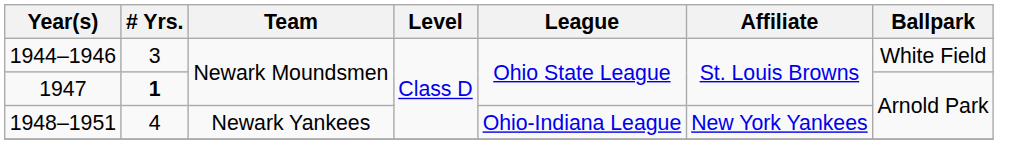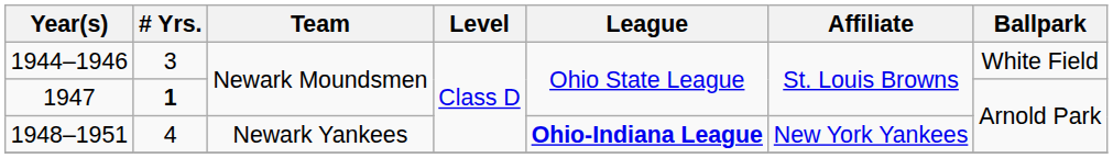 <table class="wikitable" style="text-align:center; font-size: 95%;">
 <tr>
 <th>Year(s)</th>
 <th># Yrs.</th>
 <th>Team</th>
 <th>Level</th>
 <th>League</th>
 <th>Affiliate</th>
 <th>Ballpark</th>
 </tr>
 <tr>
 <td>1944–1946</td>
 <td>3</td>
 <td rowspan=2>Newark Moundsmen</td>
 <td rowspan=3><a href='#'>Class D</a></td>
 <td Rowspan=2><a href='#'>Ohio State League</a></td>
 <td Rowspan=2><a href='#'>St. Louis Browns</a></td>
 <td>White Field</td>
 </tr>
 <tr>
 <td>1947</td>
 <td><strong>1</strong></td>
 <td rowspan=2>Arnold Park</td>
 </tr>
 <tr>
 <td>1948–1951</td>
 <td>4</td>
 <td>Newark Yankees</td>
-<td><a href='#'>Ohio-Indiana League</a></td>
+<td><strong><a href='#'>Ohio-Indiana League</a></strong></td>
 <td><a href='#'>New York Yankees</a></td>
 </tr>
 <tr>
 </tr>
 </table>
